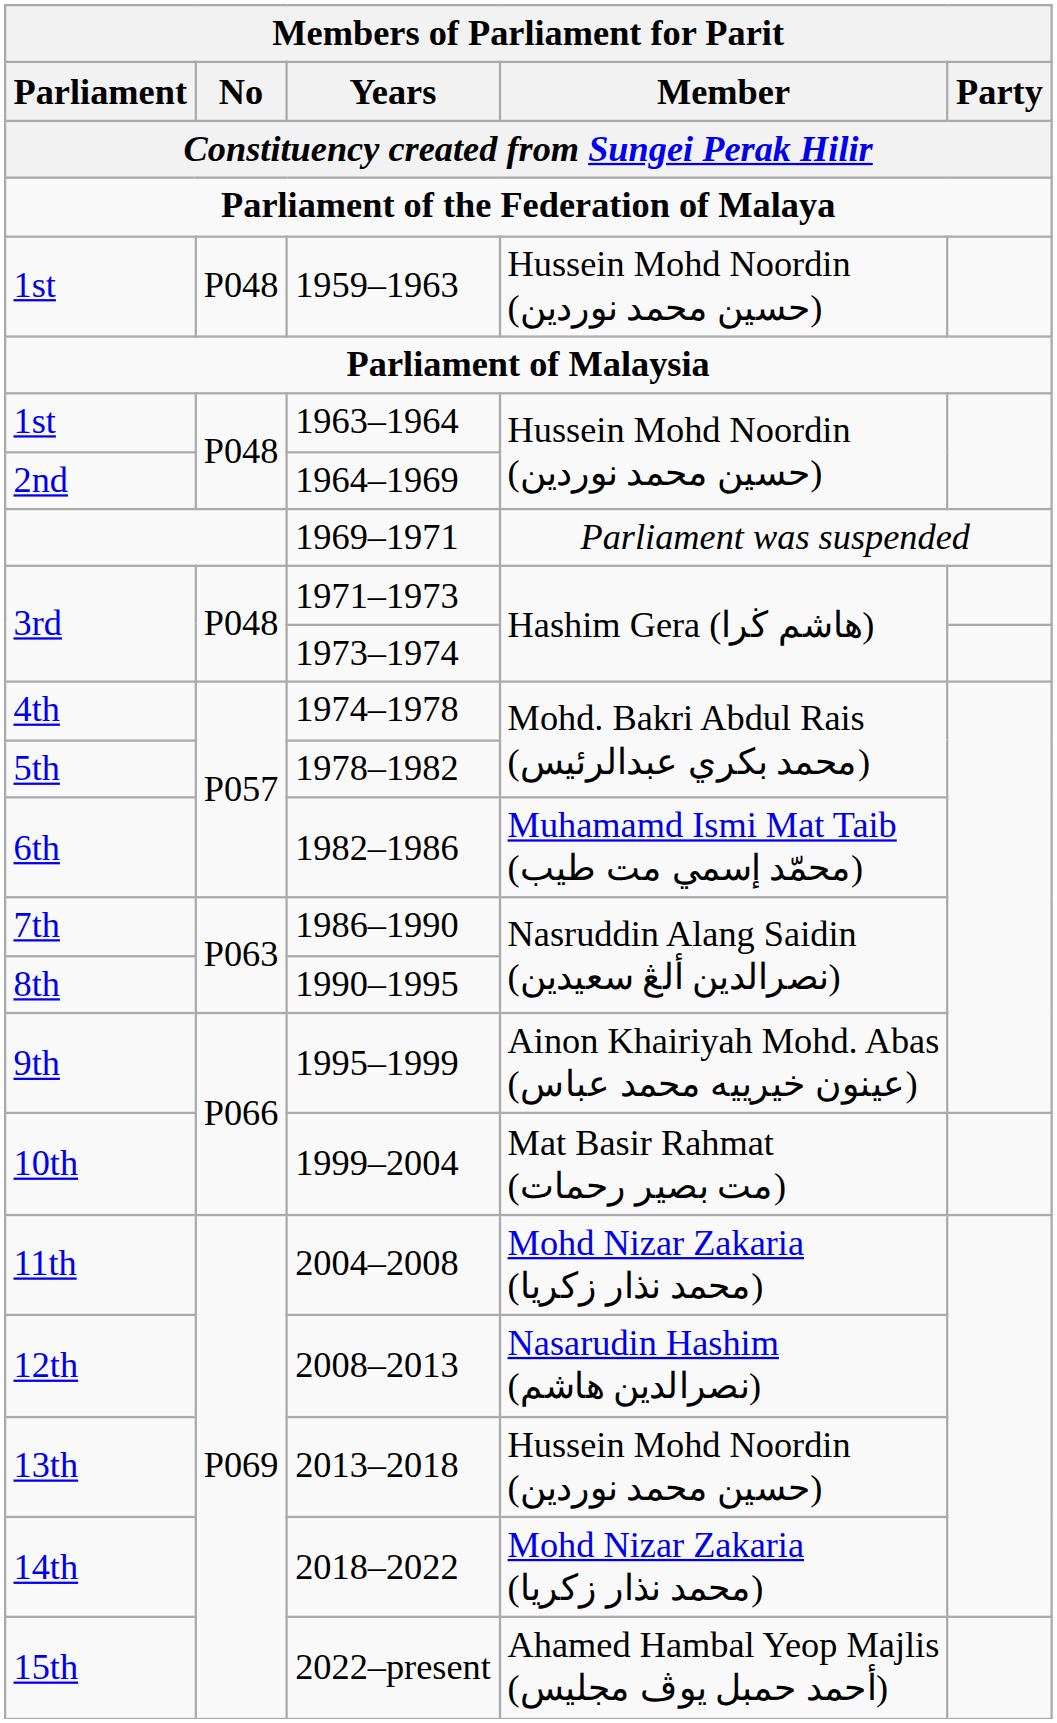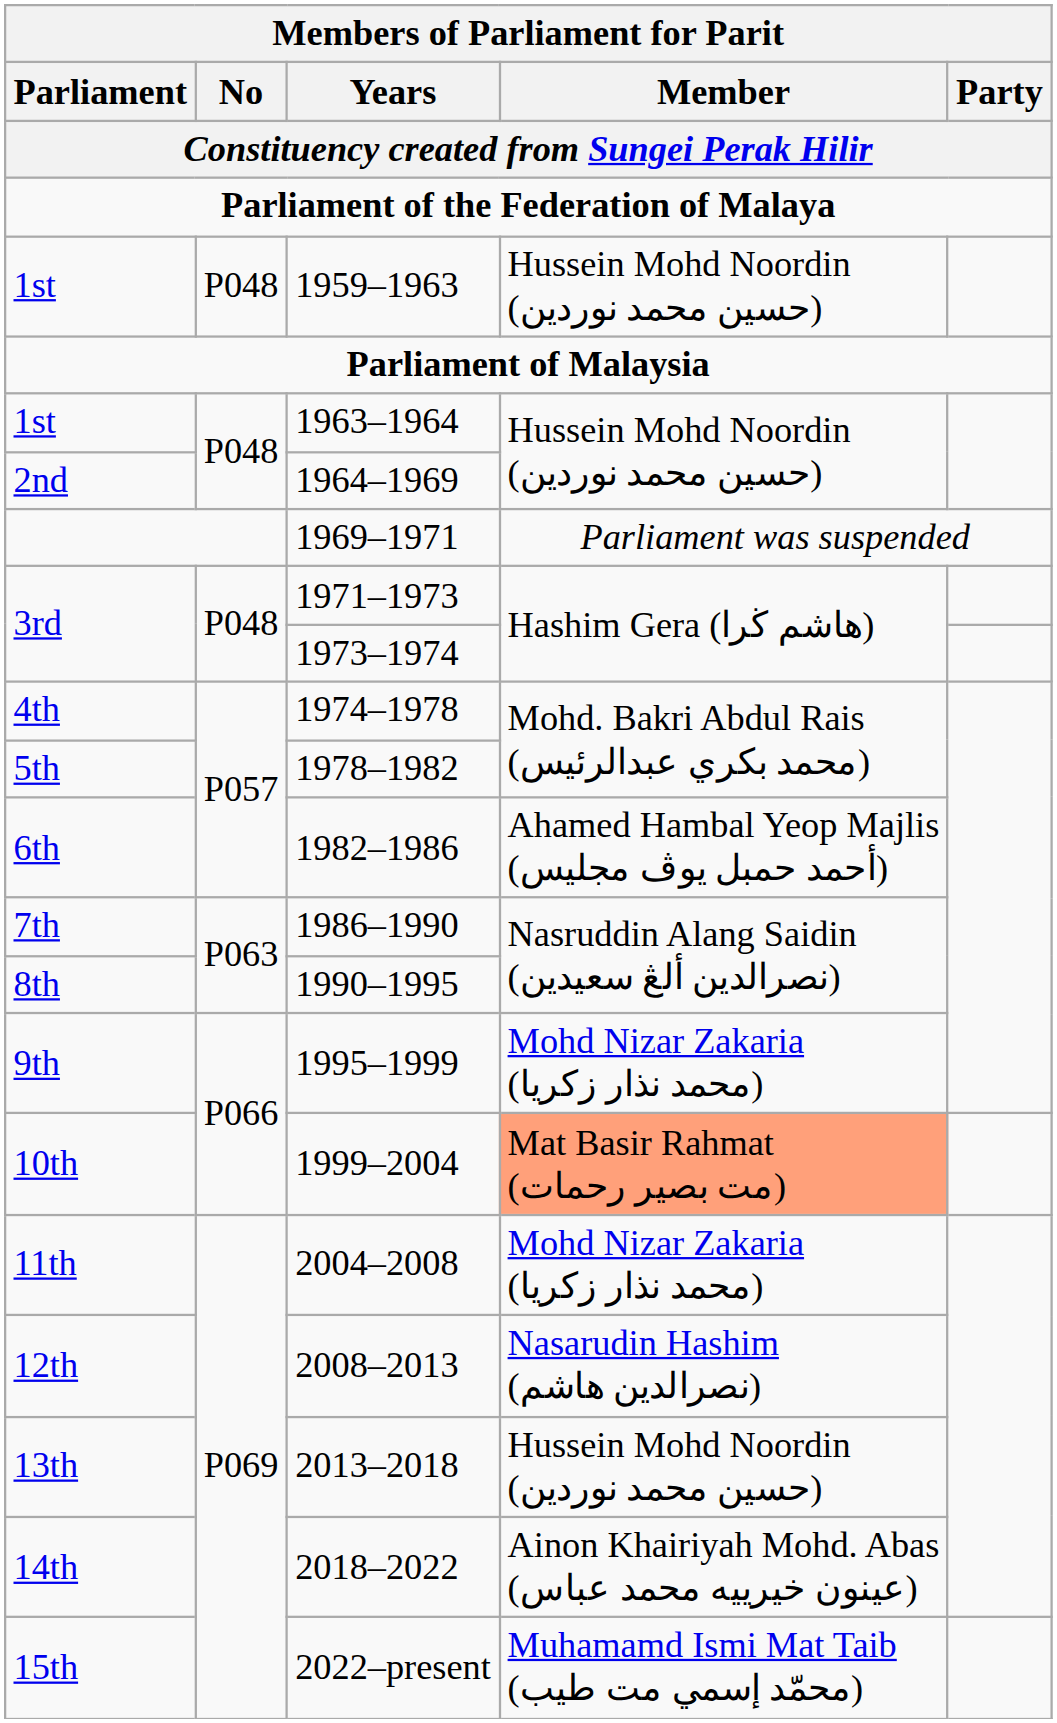 <table class=wikitable>
 <tr>
 <th colspan="5">Members of Parliament for Parit</th>
 </tr>
 <tr>
 <th>Parliament</th>
 <th>No</th>
 <th>Years</th>
 <th>Member</th>
 <th>Party</th>
 </tr>
 <tr>
 <th colspan="5" align="center"><em>Constituency created from <a href='#'>Sungei Perak Hilir</a></em></th>
 </tr>
 <tr>
 <td colspan="5" align="center"><strong>Parliament of the Federation of Malaya</strong></td>
 </tr>
 <tr>
 <td><a href='#'>1st</a></td>
 <td>P048</td>
 <td>1959–1963</td>
 <td>Hussein Mohd Noordin <br> (حسين محمد نوردين)</td>
 <td></td>
 </tr>
 <tr>
 <td colspan="5" align="center"><strong>Parliament of Malaysia</strong></td>
 </tr>
 <tr>
 <td><a href='#'>1st</a></td>
 <td rowspan="2">P048</td>
 <td>1963–1964</td>
 <td rowspan=2>Hussein Mohd Noordin <br> (حسين محمد نوردين)</td>
 <td rowspan=2></td>
 </tr>
 <tr>
 <td><a href='#'>2nd</a></td>
 <td>1964–1969</td>
 </tr>
 <tr>
 <td colspan="2"></td>
 <td>1969–1971</td>
 <td colspan=2 align=center><em>Parliament was suspended</em></td>
 </tr>
 <tr>
 <td rowspan="2"><a href='#'>3rd</a></td>
 <td rowspan="2">P048</td>
 <td>1971–1973</td>
 <td rowspan="2">Hashim Gera (هاشم ڬرا)</td>
 <td></td>
 </tr>
 <tr>
 <td>1973–1974</td>
 <td></td>
 </tr>
 <tr>
 <td><a href='#'>4th</a></td>
 <td rowspan="3">P057</td>
 <td>1974–1978</td>
 <td rowspan=2>Mohd. Bakri Abdul Rais <br> (محمد بكري عبدالرئيس)</td>
 <td rowspan="6"></td>
 </tr>
 <tr>
 <td><a href='#'>5th</a></td>
 <td>1978–1982</td>
 </tr>
 <tr>
 <td><a href='#'>6th</a></td>
 <td>1982–1986</td>
-<td><a href='#'>Muhamamd Ismi Mat Taib</a> <br> (محمّد إسمي مت طيب)</td>
+<td>Ahamed Hambal Yeop Majlis  <br>(أحمد حمبل يوڤ مجليس)</td>
 </tr>
 <tr>
 <td><a href='#'>7th</a></td>
 <td rowspan="2">P063</td>
 <td>1986–1990</td>
 <td rowspan=2>Nasruddin Alang Saidin  <br>(نصرالدين ألڠ سعيدين)</td>
 </tr>
 <tr>
 <td><a href='#'>8th</a></td>
 <td>1990–1995</td>
 </tr>
 <tr>
 <td><a href='#'>9th</a></td>
 <td rowspan="2">P066</td>
 <td>1995–1999</td>
-<td>Ainon Khairiyah Mohd. Abas  <br>(عينون خيرييه محمد عباس)</td>
+<td><a href='#'>Mohd Nizar Zakaria</a> <br> (محمد نذار زكريا)</td>
 </tr>
 <tr>
 <td><a href='#'>10th</a></td>
 <td>1999–2004</td>
-<td>Mat Basir Rahmat <br> (مت بصير رحمات)</td>
+<td style="background: lightsalmon;">Mat Basir Rahmat <br> (مت بصير رحمات)</td>
 <td></td>
 </tr>
 <tr>
 <td><a href='#'>11th</a></td>
 <td rowspan="5">P069</td>
 <td>2004–2008</td>
 <td><a href='#'>Mohd Nizar Zakaria</a> <br> (محمد نذار زكريا)</td>
 <td rowspan=4></td>
 </tr>
 <tr>
 <td><a href='#'>12th</a></td>
 <td>2008–2013</td>
 <td><a href='#'>Nasarudin Hashim</a> <br> (نصرالدين هاشم)</td>
 </tr>
 <tr>
 <td><a href='#'>13th</a></td>
 <td>2013–2018</td>
 <td>Hussein Mohd Noordin <br> (حسين محمد نوردين)</td>
 </tr>
 <tr>
 <td><a href='#'>14th</a></td>
 <td>2018–2022</td>
-<td><a href='#'>Mohd Nizar Zakaria</a> <br> (محمد نذار زكريا)</td>
+<td>Ainon Khairiyah Mohd. Abas  <br>(عينون خيرييه محمد عباس)</td>
 </tr>
 <tr>
 <td><a href='#'>15th</a></td>
 <td>2022–present</td>
-<td>Ahamed Hambal Yeop Majlis  <br>(أحمد حمبل يوڤ مجليس)</td>
+<td><a href='#'>Muhamamd Ismi Mat Taib</a> <br> (محمّد إسمي مت طيب)</td>
 <td></td>
 </tr>
 </table>
